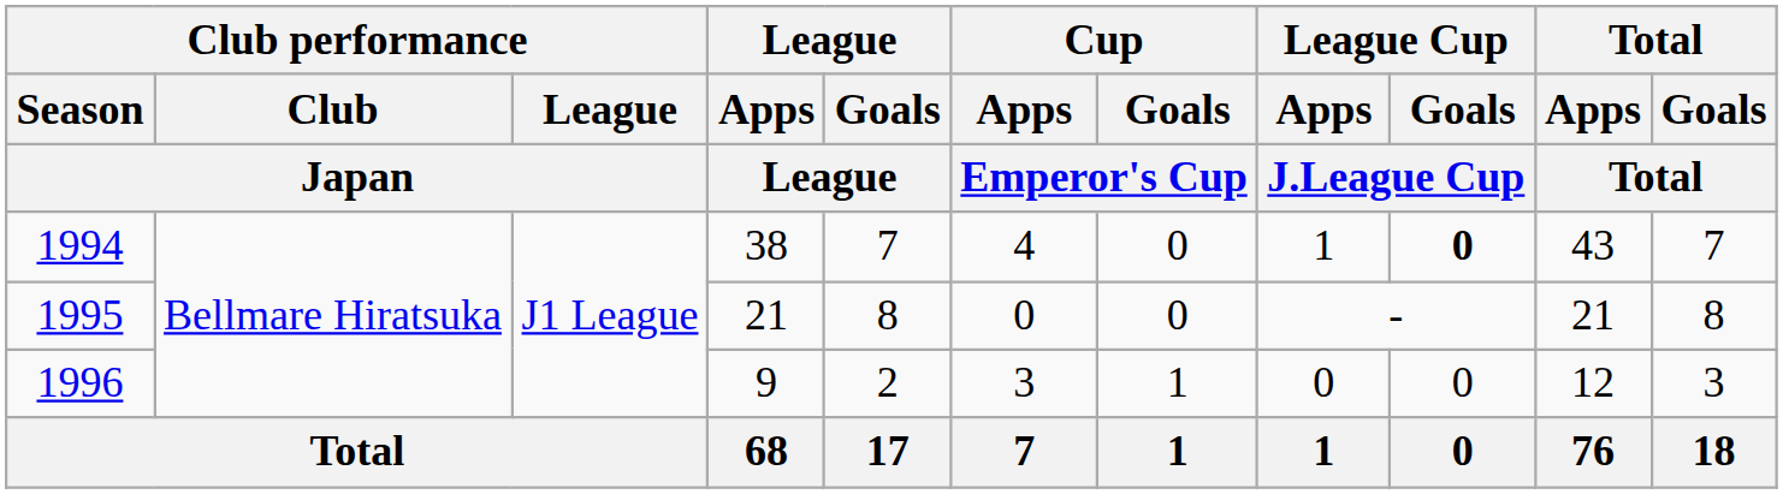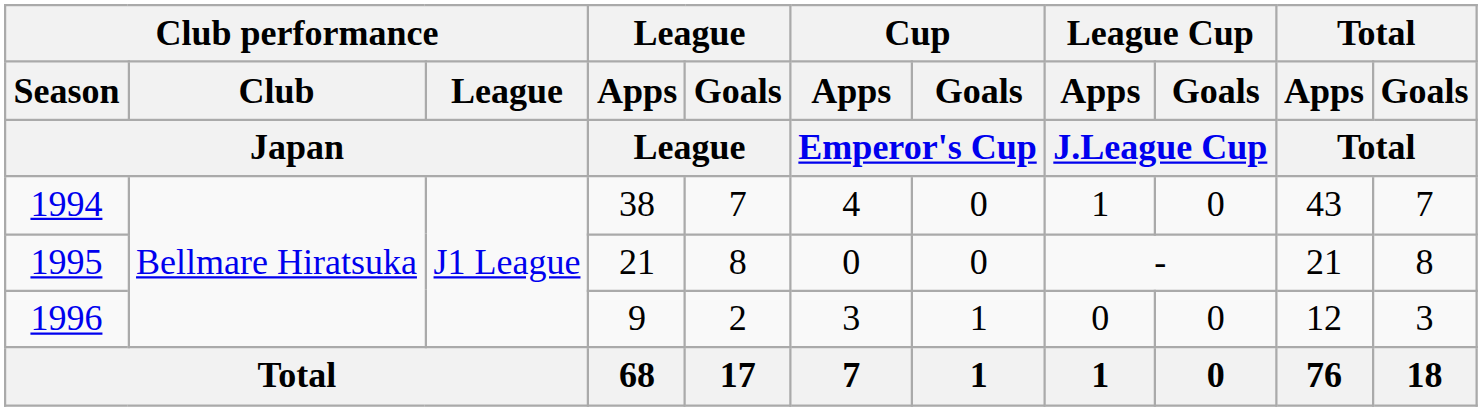 <table class="wikitable" style="text-align:center;">
 <tr>
 <th colspan=3>Club performance</th>
 <th colspan=2>League</th>
 <th colspan=2>Cup</th>
 <th colspan=2>League Cup</th>
 <th colspan=2>Total</th>
 </tr>
 <tr>
 <th>Season</th>
 <th>Club</th>
 <th>League</th>
 <th>Apps</th>
 <th>Goals</th>
 <th>Apps</th>
 <th>Goals</th>
 <th>Apps</th>
 <th>Goals</th>
 <th>Apps</th>
 <th>Goals</th>
 </tr>
 <tr>
 <th colspan=3>Japan</th>
 <th colspan=2>League</th>
 <th colspan=2><a href='#'>Emperor's Cup</a></th>
 <th colspan=2><a href='#'>J.League Cup</a></th>
 <th colspan=2>Total</th>
 </tr>
 <tr>
 <td><a href='#'>1994</a></td>
 <td rowspan="3"><a href='#'>Bellmare Hiratsuka</a></td>
 <td rowspan="3"><a href='#'>J1 League</a></td>
 <td>38</td>
 <td>7</td>
 <td>4</td>
 <td>0</td>
 <td>1</td>
-<td><strong>0</strong></td>
+<td>0</td>
 <td>43</td>
 <td>7</td>
 </tr>
 <tr>
 <td><a href='#'>1995</a></td>
 <td>21</td>
 <td>8</td>
 <td>0</td>
 <td>0</td>
 <td colspan="2">-</td>
 <td>21</td>
 <td>8</td>
 </tr>
 <tr>
 <td><a href='#'>1996</a></td>
 <td>9</td>
 <td>2</td>
 <td>3</td>
 <td>1</td>
 <td>0</td>
 <td>0</td>
 <td>12</td>
 <td>3</td>
 </tr>
 <tr>
 <th colspan=3>Total</th>
 <th>68</th>
 <th>17</th>
 <th>7</th>
 <th>1</th>
 <th>1</th>
 <th>0</th>
 <th>76</th>
 <th>18</th>
 </tr>
 </table>
